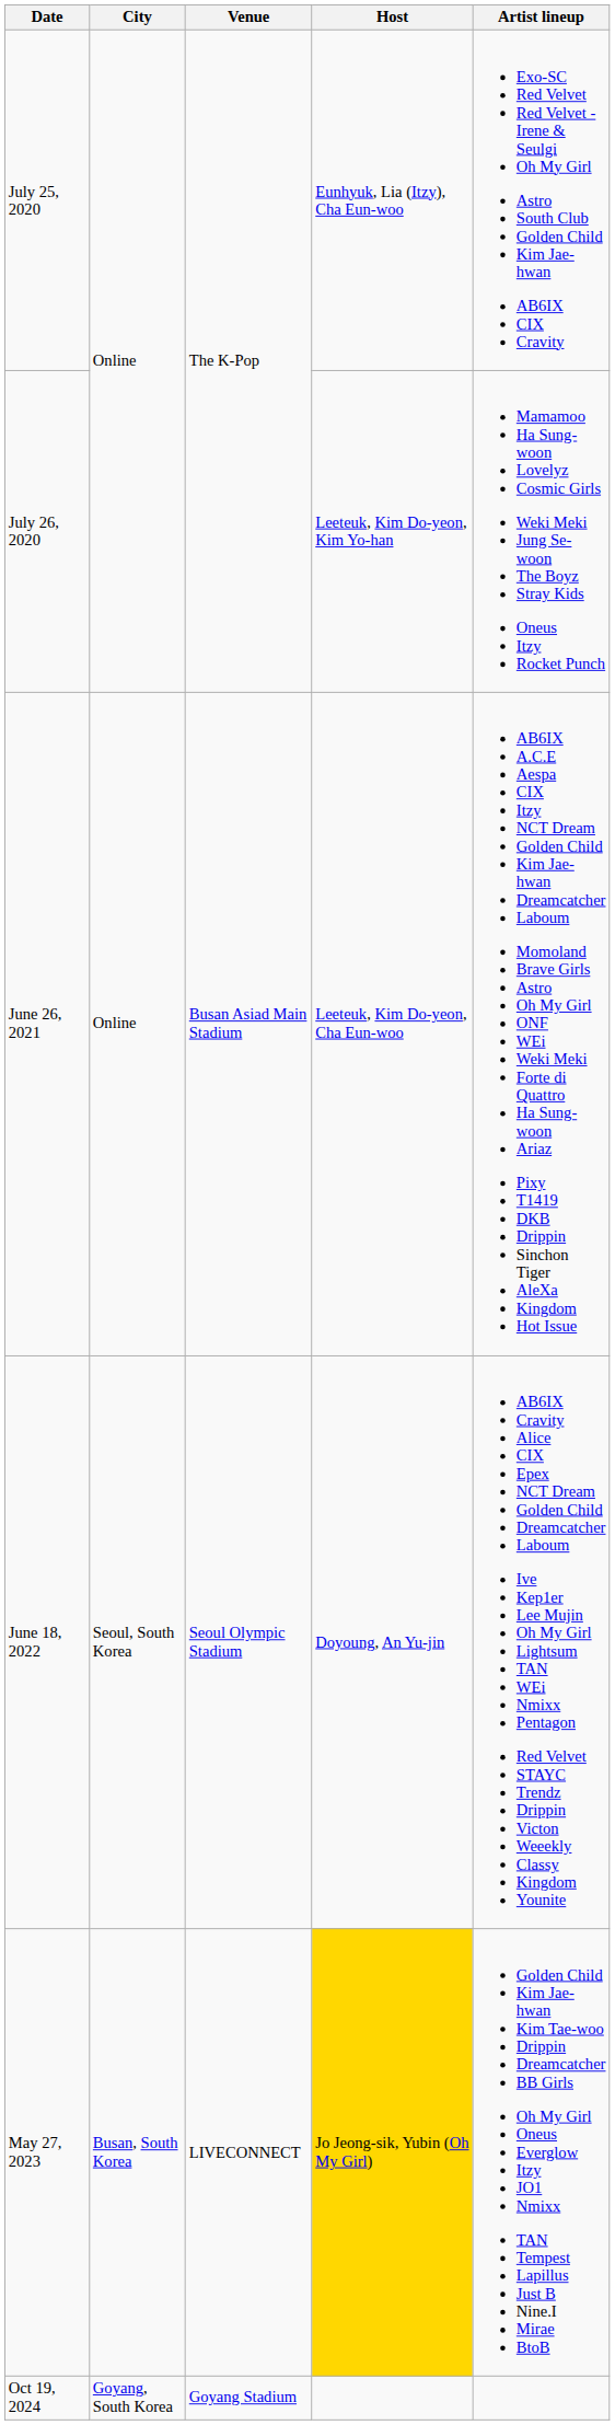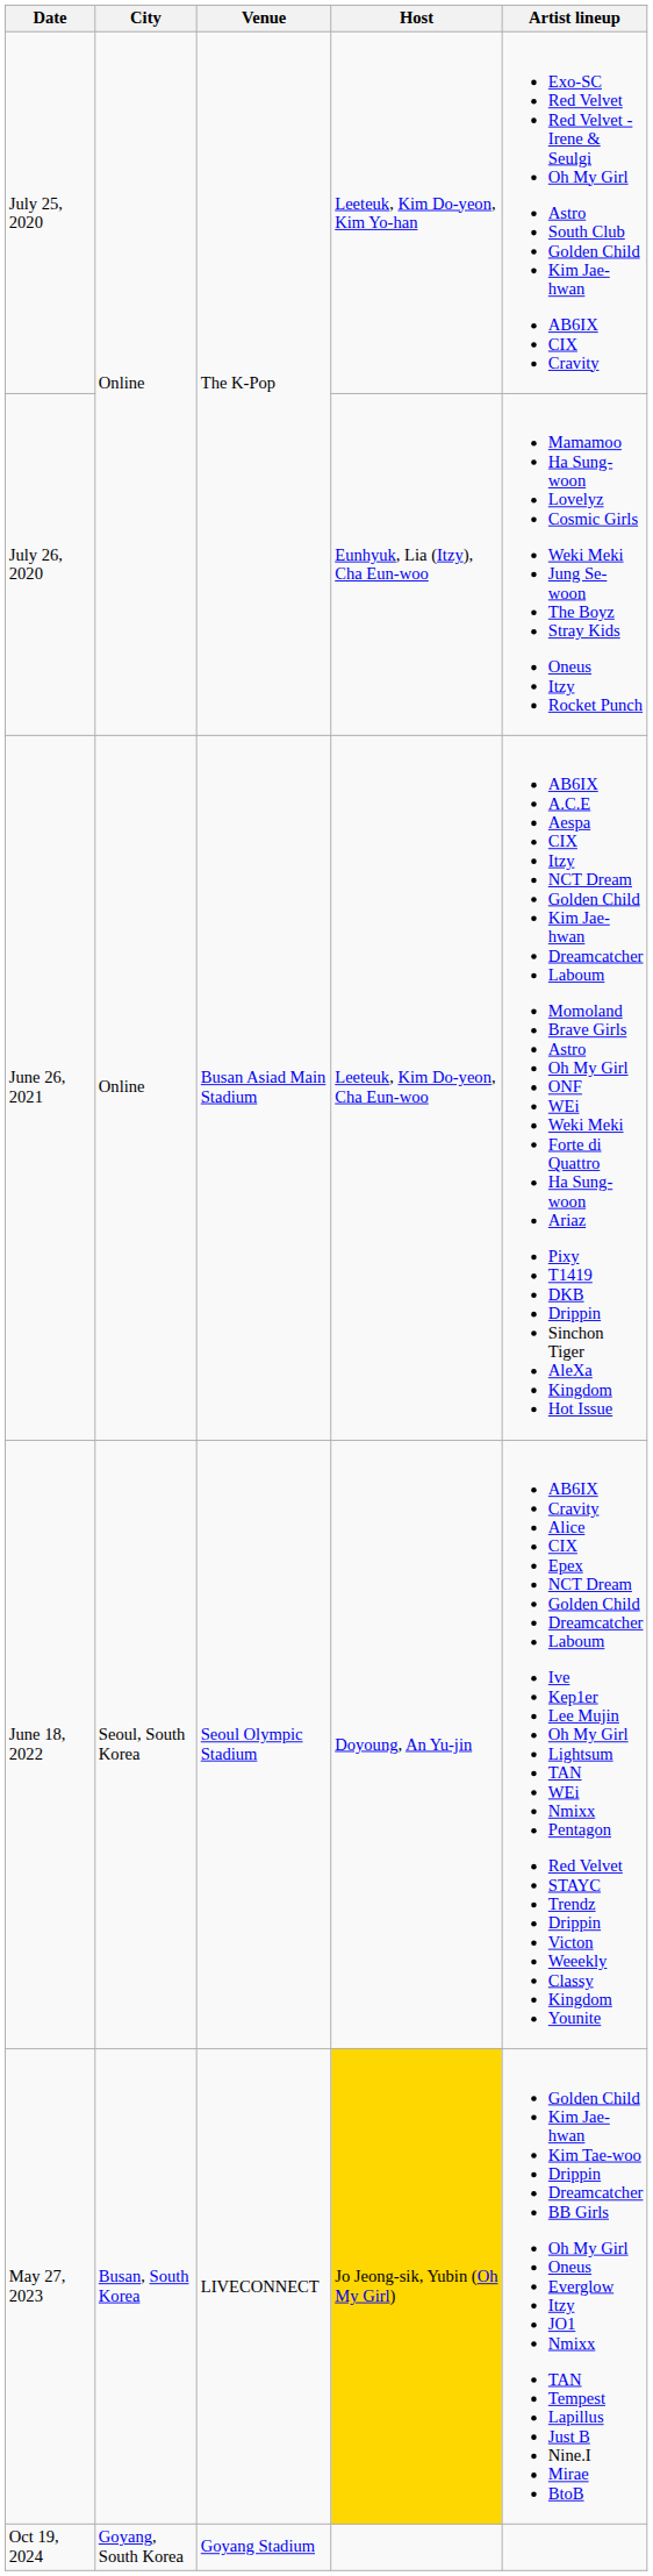 <table class="wikitable">
 <tr>
 <th style="width:8em;">Date</th>
 <th style="width:8em;">City</th>
 <th style="width:8em;">Venue</th>
 <th style="width:16em;">Host</th>
 <th>Artist lineup</th>
 </tr>
 <tr>
 <td>July 25, 2020</td>
 <td rowspan="2">Online</td>
 <td rowspan="2">The K-Pop</td>
-<td><a href='#'>Eunhyuk</a>, Lia (<a href='#'>Itzy</a>), <a href='#'>Cha Eun-woo</a></td>
+<td><a href='#'>Leeteuk</a>, <a href='#'>Kim Do-yeon</a>, <a href='#'>Kim Yo-han</a></td>
 <td><br> <ul><li><a href='#'>Exo-SC</a></li><li><a href='#'>Red Velvet</a></li><li><a href='#'>Red Velvet - Irene & Seulgi</a></li><li><a href='#'>Oh My Girl</a></li></ul><ul><li><a href='#'>Astro</a></li><li><a href='#'>South Club</a></li><li><a href='#'>Golden Child</a></li><li><a href='#'>Kim Jae-hwan</a></li></ul><ul><li><a href='#'>AB6IX</a></li><li><a href='#'>CIX</a></li><li><a href='#'>Cravity</a></li></ul></td>
 </tr>
 <tr>
 <td>July 26, 2020</td>
-<td><a href='#'>Leeteuk</a>, <a href='#'>Kim Do-yeon</a>, <a href='#'>Kim Yo-han</a></td>
+<td><a href='#'>Eunhyuk</a>, Lia (<a href='#'>Itzy</a>), <a href='#'>Cha Eun-woo</a></td>
 <td><br> <ul><li><a href='#'>Mamamoo</a></li><li><a href='#'>Ha Sung-woon</a></li><li><a href='#'>Lovelyz</a></li><li><a href='#'>Cosmic Girls</a></li></ul><ul><li><a href='#'>Weki Meki</a></li><li><a href='#'>Jung Se-woon</a></li><li><a href='#'>The Boyz</a></li><li><a href='#'>Stray Kids</a></li></ul><ul><li><a href='#'>Oneus</a></li><li><a href='#'>Itzy</a></li><li><a href='#'>Rocket Punch</a></li></ul></td>
 </tr>
 <tr>
 <td>June 26, 2021</td>
 <td>Online</td>
 <td><a href='#'>Busan Asiad Main Stadium</a></td>
 <td><a href='#'>Leeteuk</a>, <a href='#'>Kim Do-yeon</a>, <a href='#'>Cha Eun-woo</a></td>
 <td><br><ul><li><a href='#'>AB6IX</a></li><li><a href='#'>A.C.E</a></li><li><a href='#'>Aespa</a></li><li><a href='#'>CIX</a></li><li><a href='#'>Itzy</a></li><li><a href='#'>NCT Dream</a></li><li><a href='#'>Golden Child</a></li><li><a href='#'>Kim Jae-hwan</a></li><li><a href='#'>Dreamcatcher</a></li><li><a href='#'>Laboum</a></li></ul><ul><li><a href='#'>Momoland</a></li><li><a href='#'>Brave Girls</a></li><li><a href='#'>Astro</a></li><li><a href='#'>Oh My Girl</a></li><li><a href='#'>ONF</a></li><li><a href='#'>WEi</a></li><li><a href='#'>Weki Meki</a></li><li><a href='#'>Forte di Quattro</a></li><li><a href='#'>Ha Sung-woon</a></li><li><a href='#'>Ariaz</a></li></ul><ul><li><a href='#'>Pixy</a></li><li><a href='#'>T1419</a></li><li><a href='#'>DKB</a></li><li><a href='#'>Drippin</a></li><li>Sinchon Tiger</li><li><a href='#'>AleXa</a></li><li><a href='#'>Kingdom</a></li><li><a href='#'>Hot Issue</a></li></ul></td>
 </tr>
 <tr>
 <td>June 18, 2022</td>
 <td>Seoul, South Korea</td>
 <td><a href='#'>Seoul Olympic Stadium</a></td>
 <td><a href='#'>Doyoung</a>, <a href='#'>An Yu-jin</a></td>
 <td><br><ul><li><a href='#'>AB6IX</a></li><li><a href='#'>Cravity</a></li><li><a href='#'>Alice</a></li><li><a href='#'>CIX</a></li><li><a href='#'>Epex</a></li><li><a href='#'>NCT Dream</a></li><li><a href='#'>Golden Child</a></li><li><a href='#'>Dreamcatcher</a></li><li><a href='#'>Laboum</a></li></ul><ul><li><a href='#'>Ive</a></li><li><a href='#'>Kep1er</a></li><li><a href='#'>Lee Mujin</a></li><li><a href='#'>Oh My Girl</a></li><li><a href='#'>Lightsum</a></li><li><a href='#'>TAN</a></li><li><a href='#'>WEi</a></li><li><a href='#'>Nmixx</a></li><li><a href='#'>Pentagon</a></li></ul><ul><li><a href='#'>Red Velvet</a></li><li><a href='#'>STAYC</a></li><li><a href='#'>Trendz</a></li><li><a href='#'>Drippin</a></li><li><a href='#'>Victon</a></li><li><a href='#'>Weeekly</a></li><li><a href='#'>Classy</a></li><li><a href='#'>Kingdom</a></li><li><a href='#'>Younite</a></li></ul></td>
 </tr>
 <tr>
 <td>May 27, 2023</td>
 <td><a href='#'>Busan</a>, <a href='#'>South Korea</a></td>
 <td>LIVECONNECT</td>
 <td style="background: gold;">Jo Jeong-sik, Yubin (<a href='#'>Oh My Girl</a>)</td>
 <td><br><ul><li><a href='#'>Golden Child</a></li><li><a href='#'>Kim Jae-hwan</a></li><li><a href='#'>Kim Tae-woo</a></li><li><a href='#'>Drippin</a></li><li><a href='#'>Dreamcatcher</a></li><li><a href='#'>BB Girls</a></li></ul><ul><li><a href='#'>Oh My Girl</a></li><li><a href='#'>Oneus</a></li><li><a href='#'>Everglow</a></li><li><a href='#'>Itzy</a></li><li><a href='#'>JO1</a></li><li><a href='#'>Nmixx</a></li></ul><ul><li><a href='#'>TAN</a></li><li><a href='#'>Tempest</a></li><li><a href='#'>Lapillus</a></li><li><a href='#'>Just B</a></li><li>Nine.I</li><li><a href='#'>Mirae</a></li><li><a href='#'>BtoB</a></li></ul></td>
 </tr>
 <tr>
 <td>Oct 19, 2024</td>
 <td><a href='#'>Goyang</a>, South Korea</td>
 <td><a href='#'>Goyang Stadium</a></td>
 <td></td>
 <td></td>
 </tr>
 </table>
